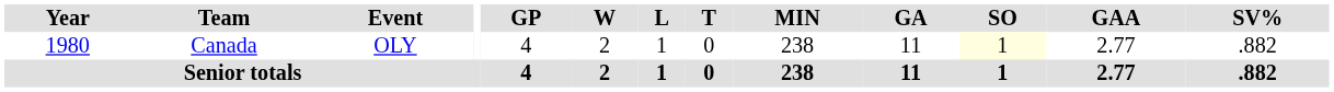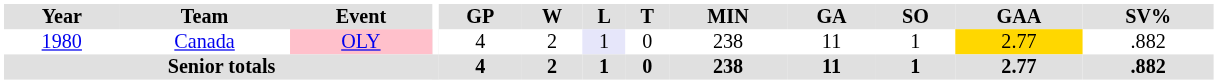 <table border="0" cellpadding="1" cellspacing="0" ID="Table3" style="text-align:center; width:60em">
 <tr ALIGN="center" bgcolor="#e0e0e0">
 <th>Year</th>
 <th>Team</th>
 <th>Event</th>
 <th rowspan="99" bgcolor="#ffffff"></th>
 <th>GP</th>
 <th>W</th>
 <th>L</th>
 <th>T</th>
 <th>MIN</th>
 <th>GA</th>
 <th>SO</th>
 <th>GAA</th>
 <th>SV%</th>
 </tr>
 <tr>
 <td><a href='#'>1980</a></td>
 <td><a href='#'>Canada</a></td>
-<td><a href='#'>OLY</a></td>
+<td style="background: pink;"><a href='#'>OLY</a></td>
 <td>4</td>
 <td>2</td>
-<td>1</td>
+<td style="background: lavender;">1</td>
 <td>0</td>
 <td>238</td>
 <td>11</td>
-<td style="background: lightyellow;">1</td>
-<td>2.77</td>
+<td>1</td>
+<td style="background: gold;">2.77</td>
 <td>.882</td>
 </tr>
 <tr bgcolor="#e0e0e0">
 <th colspan=4>Senior totals</th>
 <th>4</th>
 <th>2</th>
 <th>1</th>
 <th>0</th>
 <th>238</th>
 <th>11</th>
 <th>1</th>
 <th>2.77</th>
 <th>.882</th>
 </tr>
 </table>
